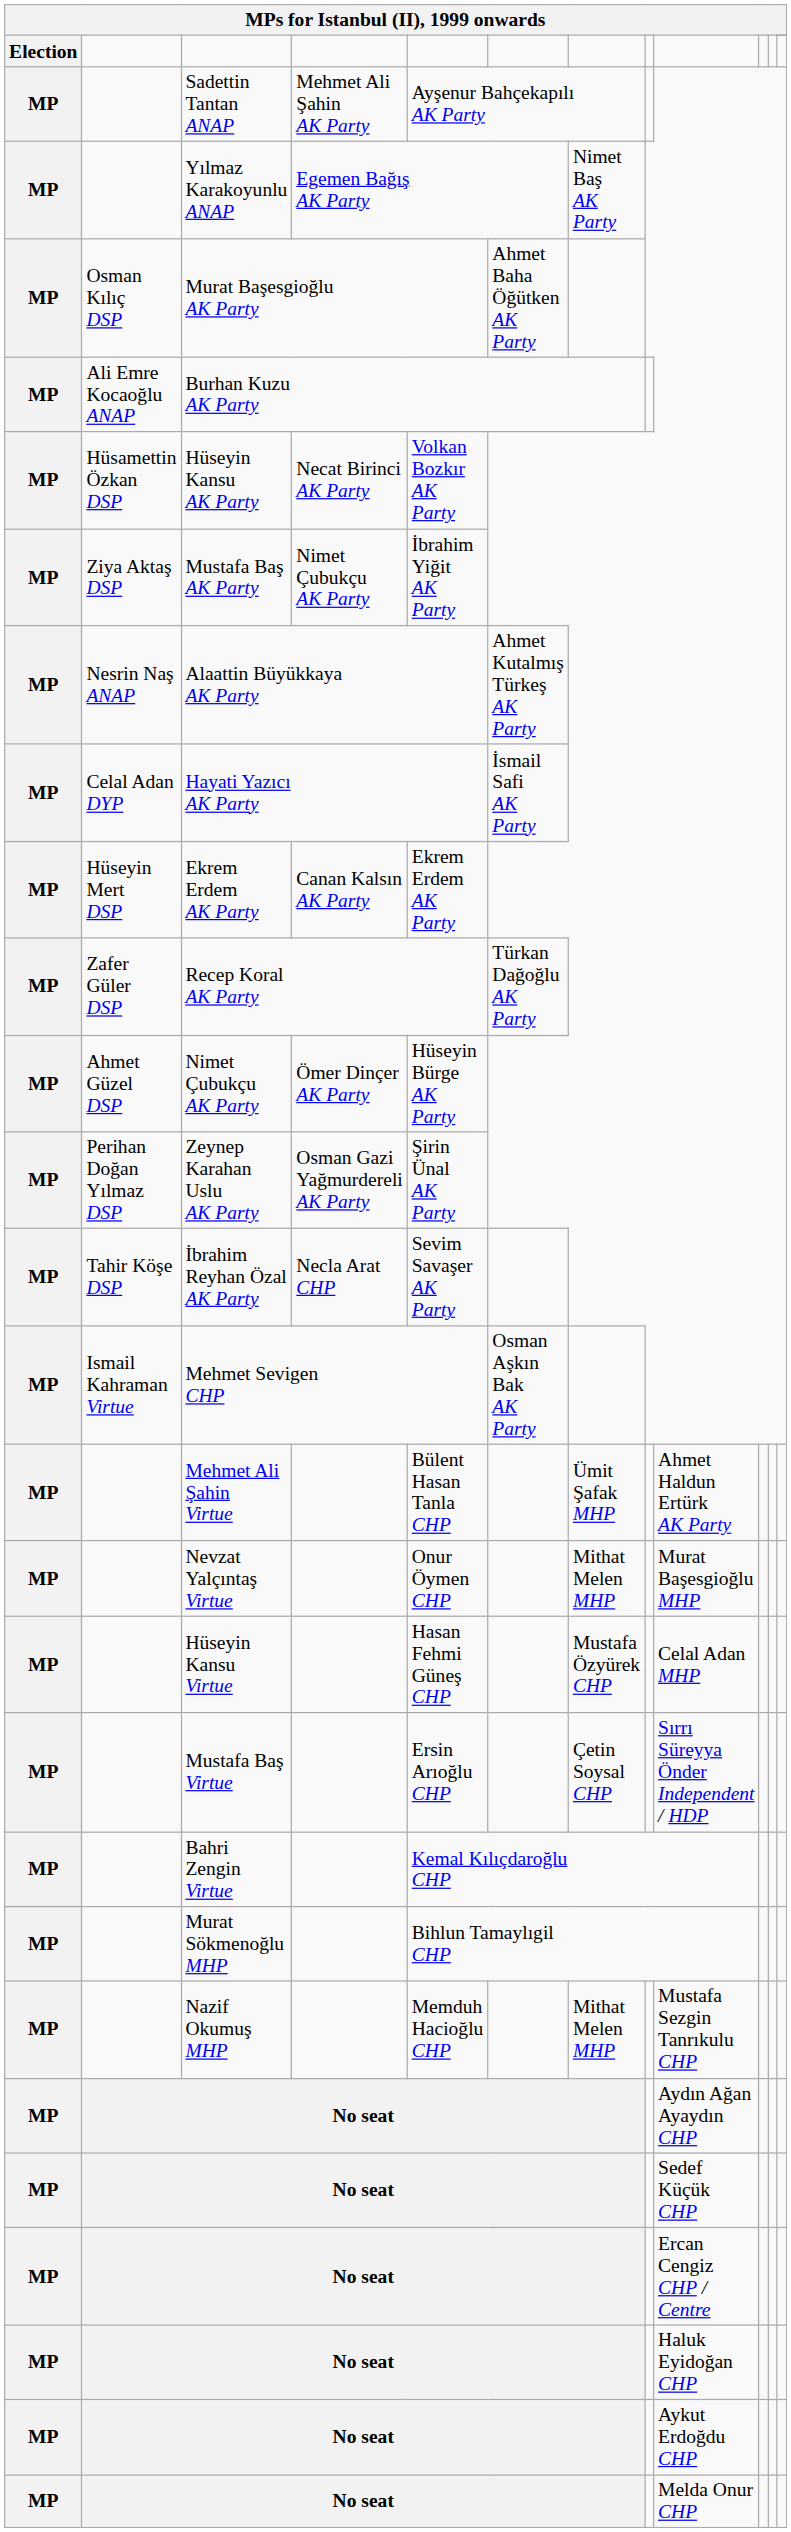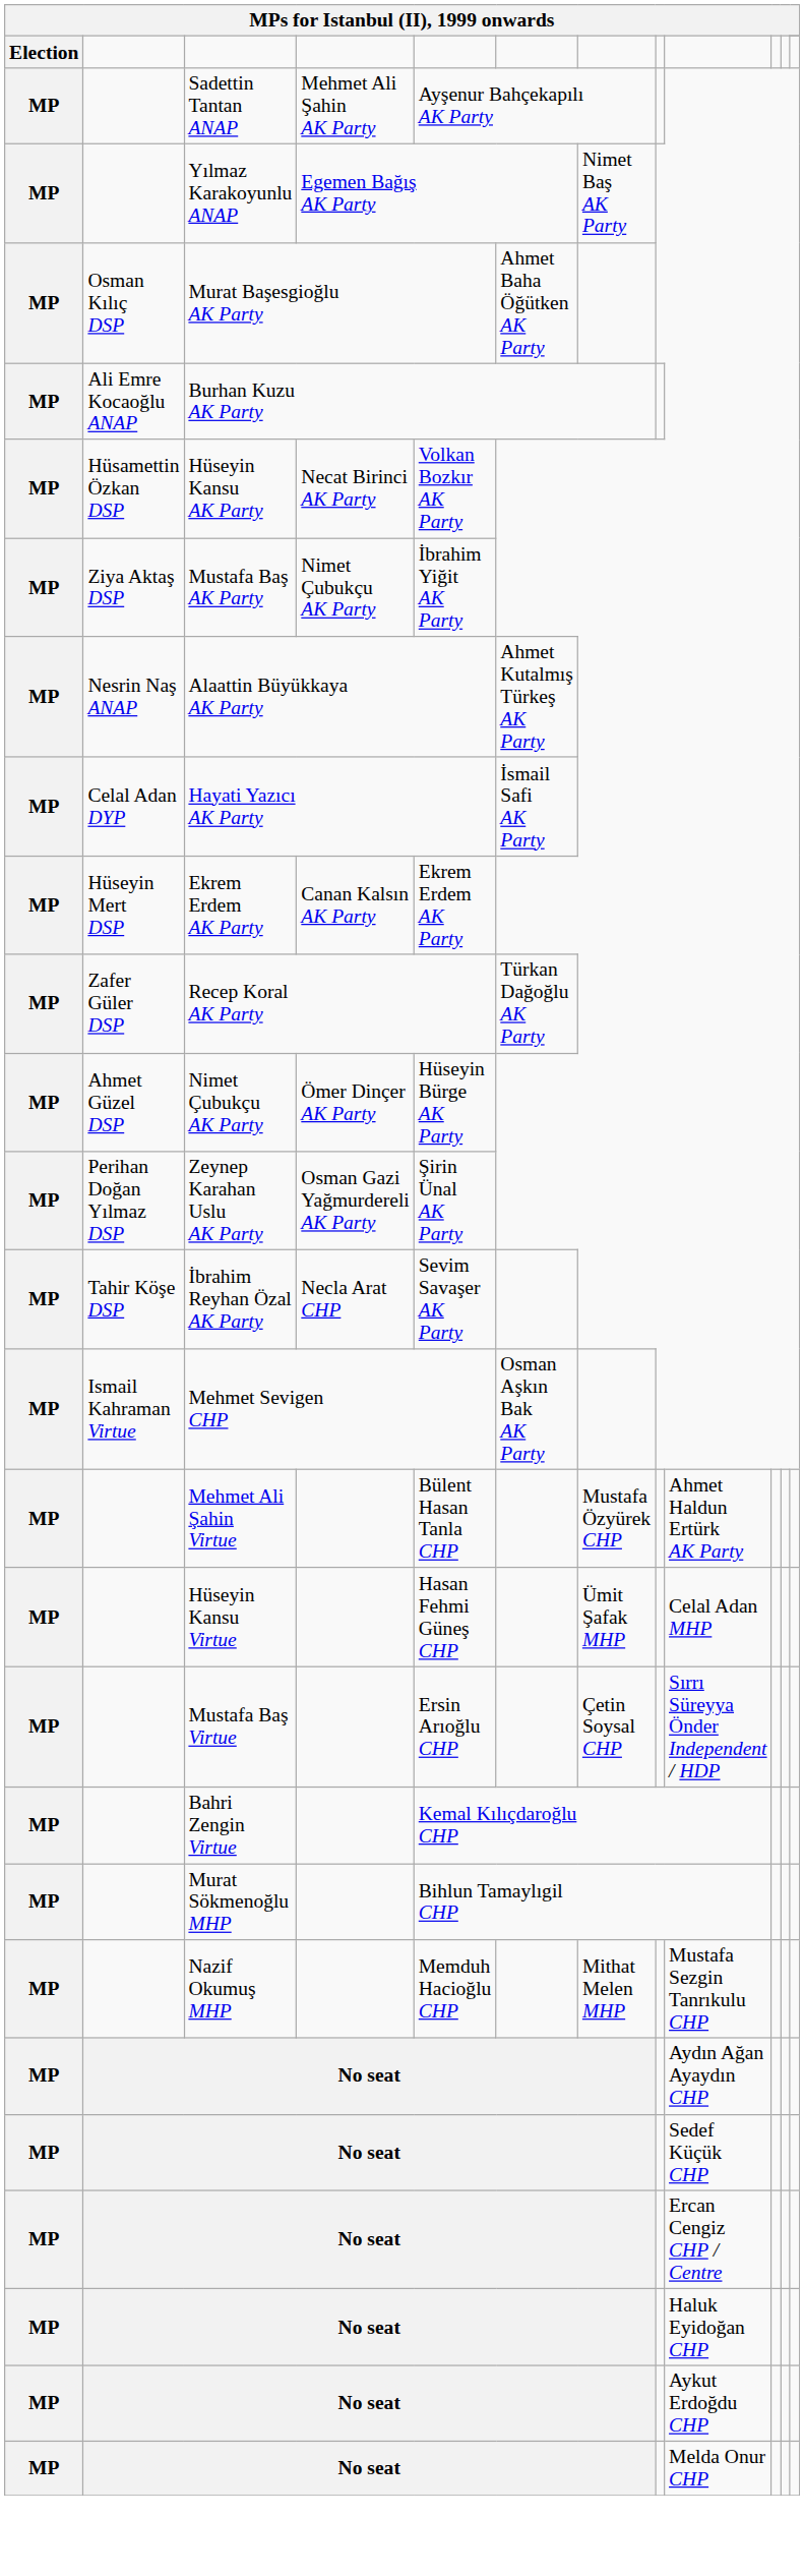 <table class="wikitable">
 <tr>
 <th colspan = 12>MPs for Istanbul (II), 1999 onwards</th>
 </tr>
 <tr>
 <th rowspan = 2>Election</th>
 <td rowspan="2" style="width:1px;"></td>
 <td rowspan = 2></td>
 <td rowspan="2" style="width:1px;"></td>
 <td rowspan = 2></td>
 <td rowspan="2" style="width:1px;"></td>
 <td rowspan = 2></td>
 <td rowspan="2" style="width:1px;"></td>
 <td rowspan = 2></td>
 <td rowspan="2" style="width:1px;"></td>
 <td rowspan = 2></td>
 </tr>
 <tr>
 <td></td>
 </tr>
 <tr>
 <th>MP</th>
 <td width=1px style="background-color: "></td>
 <td colspan = 1>Sadettin Tantan<br><em><a href='#'>ANAP</a></em></td>
 <td colspan = 1>Mehmet Ali Şahin<br><em><a href='#'>AK Party</a></em></td>
 <td colspan = 3>Ayşenur Bahçekapılı<br><em><a href='#'>AK Party</a></em></td>
 <td colspan = 1></td>
 </tr>
 <tr>
 <th>MP</th>
 <td width=1px></td>
 <td colspan = 1>Yılmaz Karakoyunlu<br><em><a href='#'>ANAP</a></em></td>
 <td colspan = 3><a href='#'>Egemen Bağış</a><br><em><a href='#'>AK Party</a></em></td>
 <td colspan = 1>Nimet Baş<br><em><a href='#'>AK Party</a></em></td>
 </tr>
 <tr>
 <th>MP</th>
 <td colspan = 1>Osman Kılıç<br><em><a href='#'>DSP</a></em></td>
 <td colspan = 3>Murat Başesgioğlu<br><em><a href='#'>AK Party</a></em></td>
 <td colspan = 1>Ahmet Baha Öğütken<br><em><a href='#'>AK Party</a></em></td>
 <td colspan = 1></td>
 </tr>
 <tr>
 <th>MP</th>
 <td colspan = 1>Ali Emre Kocaoğlu<br><em><a href='#'>ANAP</a></em></td>
 <td colspan = 5>Burhan Kuzu<br><em><a href='#'>AK Party</a></em></td>
 <td colspan = 1></td>
 </tr>
 <tr>
 <th>MP</th>
 <td colspan = 1>Hüsamettin Özkan<br><em><a href='#'>DSP</a></em></td>
 <td colspan = 1>Hüseyin Kansu<br><em><a href='#'>AK Party</a></em></td>
 <td colspan = 1>Necat Birinci<br><em><a href='#'>AK Party</a></em></td>
 <td colspan = 1><a href='#'>Volkan Bozkır</a><br><em><a href='#'>AK Party</a></em></td>
 </tr>
 <tr>
 <th>MP</th>
 <td colspan = 1>Ziya Aktaş<br><em><a href='#'>DSP</a></em></td>
 <td colspan = 1>Mustafa Baş<br><em><a href='#'>AK Party</a></em></td>
 <td colspan = 1>Nimet Çubukçu<br><em><a href='#'>AK Party</a></em></td>
 <td colspan = 1>İbrahim Yiğit<br><em><a href='#'>AK Party</a></em></td>
 </tr>
 <tr>
 <th>MP</th>
 <td colspan = 1>Nesrin Naş<br><em><a href='#'>ANAP</a></em></td>
 <td colspan = 3>Alaattin Büyükkaya<br><em><a href='#'>AK Party</a></em></td>
 <td colspan = 1>Ahmet Kutalmış Türkeş<br><em><a href='#'>AK Party</a></em></td>
 </tr>
 <tr>
 <th>MP</th>
 <td colspan = 1>Celal Adan<br><em><a href='#'>DYP</a></em></td>
 <td colspan = 3><a href='#'>Hayati Yazıcı</a><br><em><a href='#'>AK Party</a></em></td>
 <td colspan = 1>İsmail Safi<br><em><a href='#'>AK Party</a></em></td>
 </tr>
 <tr>
 <th>MP</th>
 <td colspan = 1>Hüseyin Mert<br><em><a href='#'>DSP</a></em></td>
 <td colspan = 1>Ekrem Erdem<br><em><a href='#'>AK Party</a></em></td>
 <td colspan = 1>Canan Kalsın<br><em><a href='#'>AK Party</a></em></td>
 <td colspan = 1>Ekrem Erdem<br><em><a href='#'>AK Party</a></em></td>
 </tr>
 <tr>
 <th>MP</th>
 <td colspan = 1>Zafer Güler<br><em><a href='#'>DSP</a></em></td>
 <td colspan = 3>Recep Koral<br><em><a href='#'>AK Party</a></em></td>
 <td colspan = 1>Türkan Dağoğlu<br><em><a href='#'>AK Party</a></em></td>
 </tr>
 <tr>
 <th>MP</th>
 <td colspan = 1>Ahmet Güzel<br><em><a href='#'>DSP</a></em></td>
 <td colspan = 1>Nimet Çubukçu<br><em><a href='#'>AK Party</a></em></td>
 <td colspan = 1>Ömer Dinçer<br><em><a href='#'>AK Party</a></em></td>
 <td colspan = 1>Hüseyin Bürge<br><em><a href='#'>AK Party</a></em></td>
 </tr>
 <tr>
 <th>MP</th>
 <td colspan = 1>Perihan Doğan Yılmaz<br><em><a href='#'>DSP</a></em></td>
 <td colspan = 1>Zeynep Karahan Uslu<br><em><a href='#'>AK Party</a></em></td>
 <td colspan = 1>Osman Gazi Yağmurdereli<br><em><a href='#'>AK Party</a></em></td>
 <td colspan = 1>Şirin Ünal<br><em><a href='#'>AK Party</a></em></td>
 </tr>
 <tr>
 <th>MP</th>
 <td colspan = 1>Tahir Köşe<br><em><a href='#'>DSP</a></em></td>
 <td colspan = 1>İbrahim Reyhan Özal<br><em><a href='#'>AK Party</a></em></td>
 <td colspan = 1>Necla Arat<br><em><a href='#'>CHP</a></em></td>
 <td colspan = 1>Sevim Savaşer<br><em><a href='#'>AK Party</a></em></td>
 <td colspan = 1></td>
 </tr>
 <tr>
 <th>MP</th>
 <td colspan = 1>Ismail Kahraman<br><em><a href='#'>Virtue</a></em></td>
 <td colspan = 3>Mehmet Sevigen<br><em><a href='#'>CHP</a></em></td>
 <td colspan = 1>Osman Aşkın Bak<br><em><a href='#'>AK Party</a></em></td>
 <td colspan = 1></td>
 </tr>
 <tr>
 <th>MP</th>
 <td width=1px style="background-color: "></td>
 <td colspan = 1><a href='#'>Mehmet Ali Şahin</a><br><em><a href='#'>Virtue</a></em></td>
 <td width=1px style="background-color: "></td>
 <td colspan = 1>Bülent Hasan Tanla<br><em><a href='#'>CHP</a></em></td>
 <td width=1px style="background-color: "></td>
-<td colspan = 1>Ümit Şafak<br><em><a href='#'>MHP</a></em></td>
+<td colspan = 1>Mustafa Özyürek<br><em><a href='#'>CHP</a></em></td>
 <td width=1px style="background-color: "></td>
 <td colspan = 1>Ahmet Haldun Ertürk<br><em><a href='#'>AK Party</a></em></td>
-<td width=1px style="background-color: "></td>
-<td colspan = 1></td>
-<td width=1px style="background-color:"></td>
-</tr>
-<tr>
-<th>MP</th>
-<td width=1px style="background-color: "></td>
-<td colspan = 1>Nevzat Yalçıntaş<br><em><a href='#'>Virtue</a></em></td>
-<td width=1px style="background-color: "></td>
-<td colspan = 1>Onur Öymen<br><em><a href='#'>CHP</a></em></td>
-<td width=1px style="background-color: "></td>
-<td colspan = 1>Mithat Melen<br><em><a href='#'>MHP</a></em></td>
-<td width=1px style="background-color: "></td>
-<td colspan = 1>Murat Başesgioğlu<br><em><a href='#'>MHP</a></em></td>
 <td width=1px style="background-color: "></td>
 <td colspan = 1></td>
 <td width=1px style="background-color:"></td>
 </tr>
 <tr>
 <th>MP</th>
 <td width=1px style="background-color: "></td>
 <td colspan = 1>Hüseyin Kansu<br><em><a href='#'>Virtue</a></em></td>
 <td width=1px style="background-color: "></td>
 <td colspan = 1>Hasan Fehmi Güneş<br><em><a href='#'>CHP</a></em></td>
 <td width=1px style="background-color: "></td>
-<td colspan = 1>Mustafa Özyürek<br><em><a href='#'>CHP</a></em></td>
+<td colspan = 1>Ümit Şafak<br><em><a href='#'>MHP</a></em></td>
 <td width=1px style="background-color: "></td>
 <td colspan = 1>Celal Adan<br><em><a href='#'>MHP</a></em></td>
 <td width=1px style="background-color: "></td>
 <td colspan = 1></td>
 <td width=1px style="background-color:"></td>
 </tr>
 <tr>
 <th>MP</th>
 <td width=1px style="background-color: "></td>
 <td colspan = 1>Mustafa Baş<br><em><a href='#'>Virtue</a></em></td>
 <td width=1px style="background-color: "></td>
 <td colspan = 1>Ersin Arıoğlu<br><em><a href='#'>CHP</a></em></td>
 <td width=1px style="background-color: "></td>
 <td colspan = 1>Çetin Soysal<br><em><a href='#'>CHP</a></em></td>
 <td width=1px style="background-color: "></td>
 <td colspan = 1><a href='#'>Sırrı Süreyya Önder</a><br><em><a href='#'>Independent</a> / <a href='#'>HDP</a></em></td>
 <td width=1px style="background-color: "></td>
 <td colspan = 1></td>
 <td width=1px style="background-color:"></td>
 </tr>
 <tr>
 <th>MP</th>
 <td width=1px style="background-color: "></td>
 <td colspan = 1>Bahri Zengin<br><em><a href='#'>Virtue</a></em></td>
 <td width=1px style="background-color: "></td>
 <td colspan = 5><a href='#'>Kemal Kılıçdaroğlu</a><br><em><a href='#'>CHP</a></em></td>
 <td width=1px style="background-color: "></td>
 <td colspan = 1></td>
 <td width=1px style="background-color:"></td>
 </tr>
 <tr>
 <th>MP</th>
 <td width=1px style="background-color: "></td>
 <td colspan = 1>Murat Sökmenoğlu<br><em><a href='#'>MHP</a></em></td>
 <td width=1px style="background-color: "></td>
 <td colspan = 5>Bihlun Tamaylıgil<br><em><a href='#'>CHP</a></em></td>
 <td width=1px style="background-color: "></td>
 <td colspan = 1></td>
 <td width=1px style="background-color:"></td>
 </tr>
 <tr>
 <th>MP</th>
 <td width=1px style="background-color: "></td>
 <td colspan = 1>Nazif Okumuş<br><em><a href='#'>MHP</a></em></td>
 <td width=1px style="background-color: "></td>
 <td colspan = 1>Memduh Hacioğlu<br><em><a href='#'>CHP</a></em></td>
 <td width=1px style="background-color: "></td>
 <td colspan = 1>Mithat Melen<br><em><a href='#'>MHP</a></em></td>
 <td width=1px style="background-color: "></td>
 <td colspan = 1>Mustafa Sezgin Tanrıkulu<br><em><a href='#'>CHP</a></em></td>
 <td width=1px style="background-color: "></td>
 <td colspan = 1></td>
 <td width=1px style="background-color:"></td>
 </tr>
 <tr>
 <th>MP</th>
 <th colspan = 6>No seat</th>
 <td width=1px style="background-color: "></td>
 <td colspan = 1>Aydın Ağan Ayaydın<br><em><a href='#'>CHP</a></em></td>
 <td width=1px style="background-color: "></td>
 <td colspan = 1></td>
 <td width=1px style="background-color:"></td>
 </tr>
 <tr>
 <th>MP</th>
 <th colspan = 6>No seat</th>
 <td width=1px style="background-color: "></td>
 <td colspan = 1>Sedef Küçük<br><em><a href='#'>CHP</a></em></td>
 <td width=1px style="background-color: "></td>
 <td colspan = 1></td>
 <td width=1px style="background-color:"></td>
 </tr>
 <tr>
 <th>MP</th>
 <th colspan = 6>No seat</th>
 <td width=1px style="background-color: "></td>
 <td colspan = 1>Ercan Cengiz<br><em><a href='#'>CHP</a> / <a href='#'>Centre</a></em></td>
 <td width=1px style="background-color: "></td>
 <td colspan = 1></td>
 <td width=1px style="background-color:"></td>
 </tr>
 <tr>
 <th>MP</th>
 <th colspan = 6>No seat</th>
 <td width=1px style="background-color: "></td>
 <td colspan = 1>Haluk Eyidoğan<br><em><a href='#'>CHP</a></em></td>
 <td width=1px style="background-color: "></td>
 <td colspan = 1></td>
 <td width=1px style="background-color:"></td>
 </tr>
 <tr>
 <th>MP</th>
 <th colspan = 6>No seat</th>
 <td width=1px style="background-color: "></td>
 <td colspan = 1>Aykut Erdoğdu<br><em><a href='#'>CHP</a></em></td>
 <td width=1px style="background-color: "></td>
 <td colspan = 1></td>
 <td width=1px style="background-color:"></td>
 </tr>
 <tr>
 <th>MP</th>
 <th colspan = 6>No seat</th>
 <td width=1px style="background-color: "></td>
 <td colspan = 1>Melda Onur<br><em><a href='#'>CHP</a></em></td>
 <td width=1px style="background-color: "></td>
 <td colspan = 1></td>
 <td width=1px style="background-color:"></td>
 </tr>
 <tr>
 </tr>
 </table>
